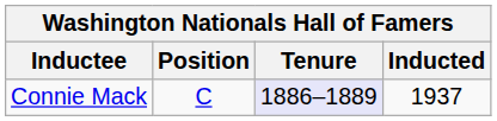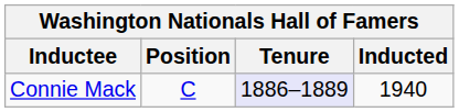 <table class="wikitable" style="text-align:center">
 <tr>
 <th colspan=4>Washington Nationals Hall of Famers</th>
 </tr>
 <tr>
 <th>Inductee</th>
 <th>Position</th>
 <th>Tenure</th>
 <th>Inducted</th>
 </tr>
 <tr>
 <td><a href='#'>Connie Mack</a></td>
 <td><a href='#'>C</a></td>
 <td style="background: lavender;">1886–1889</td>
-<td>1937</td>
+<td>1940</td>
 </tr>
 </table>
